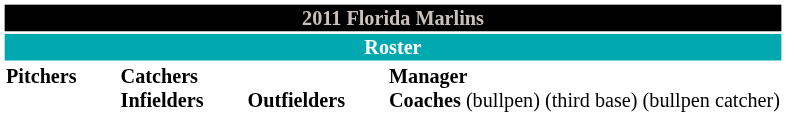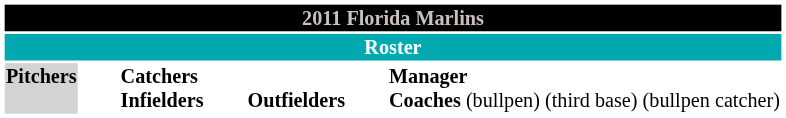 <table class="toccolours" style="font-size: 95%;">
 <tr>
 <th colspan="10" style="background:black; color:#C9C0BB; text-align:center;">2011 Florida Marlins</th>
 </tr>
 <tr>
 <td colspan="10" style="background:#00a8b0; color:white; text-align:center;"><strong>Roster</strong></td>
 </tr>
 <tr>
-<td valign="top"><strong>Pitchers</strong><br>                    </td>
+<td valign="top" style="background: lightgrey;"><strong>Pitchers</strong><br>                    </td>
 <td style="width:25px;"></td>
 <td valign="top"><strong>Catchers</strong><br>   <strong>Infielders</strong>           </td>
 <td style="width:25px;"></td>
 <td valign="top"><br><strong>Outfielders</strong>         </td>
 <td style="width:25px;"></td>
 <td valign="top"><strong>Manager</strong><br>  <strong>Coaches</strong>   (bullpen)  (third base)     (bullpen catcher)</td>
 </tr>
 </table>
